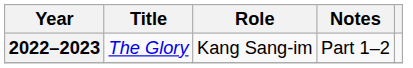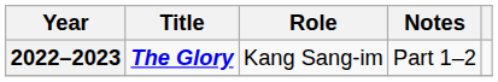 <table class="wikitable sortable plainrowheaders">
 <tr>
 <th scope="col">Year</th>
 <th scope="col">Title</th>
 <th scope="col">Role</th>
 <th scope="col">Notes</th>
 <th scope="col" class="unsortable"></th>
 </tr>
 <tr>
 <th scope="row">2022–2023</th>
-<td><em><a href='#'>The Glory</a></em></td>
+<td><strong><em><a href='#'>The Glory</a></em></strong></td>
 <td>Kang Sang-im</td>
 <td>Part 1–2</td>
 <td></td>
 </tr>
 <tr>
 </tr>
 </table>
